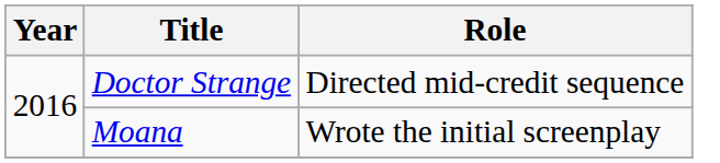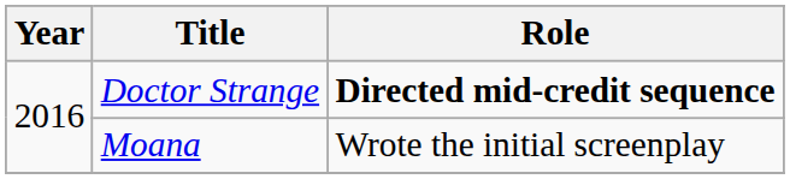 <table class="wikitable">
 <tr>
 <th>Year</th>
 <th>Title</th>
 <th>Role</th>
 </tr>
 <tr>
 <td rowspan=2>2016</td>
 <td><em><a href='#'>Doctor Strange</a></em></td>
-<td>Directed mid-credit sequence</td>
+<td><strong>Directed mid-credit sequence</strong></td>
 </tr>
 <tr>
 <td><em><a href='#'>Moana</a></em></td>
 <td>Wrote the initial screenplay</td>
 </tr>
 <tr>
 </tr>
 </table>
